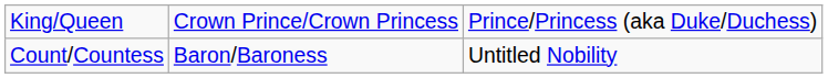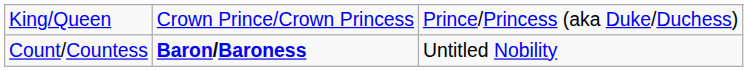 <table class="wikitable">
 <tr>
 <td> <a href='#'>King/Queen</a></td>
 <td> <a href='#'>Crown Prince/Crown Princess</a></td>
 <td> <a href='#'>Prince</a>/<a href='#'>Princess</a> (aka <a href='#'>Duke</a>/<a href='#'>Duchess</a>)</td>
 </tr>
 <tr>
 <td> <a href='#'>Count</a>/<a href='#'>Countess</a></td>
-<td> <a href='#'>Baron</a>/<a href='#'>Baroness</a></td>
+<td><strong> <a href='#'>Baron</a>/<a href='#'>Baroness</a></strong></td>
 <td> Untitled <a href='#'>Nobility</a></td>
 </tr>
 </table>
